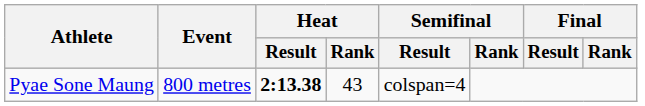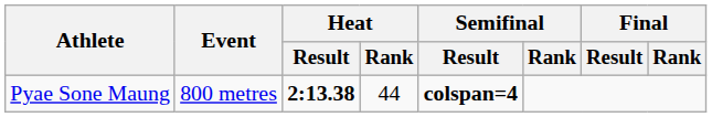 <table class="wikitable" style="font-size:90%">
 <tr>
 <th rowspan="2">Athlete</th>
 <th rowspan="2">Event</th>
 <th colspan="2">Heat</th>
 <th colspan="2">Semifinal</th>
 <th colspan="2">Final</th>
 </tr>
 <tr style="font-size:95%">
 <th>Result</th>
 <th>Rank</th>
 <th>Result</th>
 <th>Rank</th>
 <th>Result</th>
 <th>Rank</th>
 </tr>
 <tr style=text-align:center>
 <td style=text-align:left><a href='#'>Pyae Sone Maung</a></td>
 <td style=text-align:left><a href='#'>800 metres</a></td>
 <td><strong>2:13.38</strong></td>
-<td>43</td>
-<td>colspan=4 </td>
+<td>44</td>
+<td><strong>colspan=4 </strong></td>
 </tr>
 </table>
